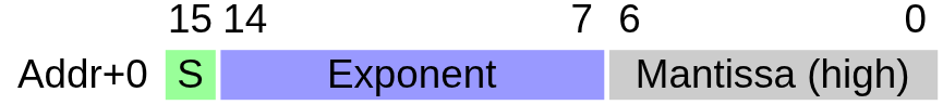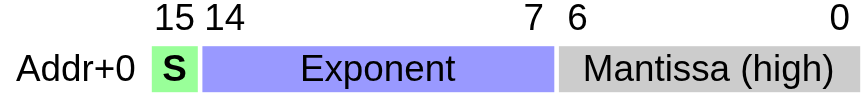 <table style="text-align:center;">
 <tr>
 <td style="width:60px;"></td>
 <td style="width:15px;">15</td>
 <td style="width:15px;">14</td>
 <td style="width:15px;"></td>
 <td style="width:15px;"></td>
 <td style="width:15px;"></td>
 <td style="width:15px;"></td>
 <td style="width:15px;"></td>
 <td style="width:15px;"></td>
 <td style="width:15px;">7</td>
 <td style="width:15px;">6</td>
 <td style="width:15px;"></td>
 <td style="width:15px;"></td>
 <td style="width:15px;"></td>
 <td style="width:15px;"></td>
 <td style="width:15px;"></td>
 <td style="width:15px;">0</td>
 </tr>
 <tr>
 <td colspan="1" style="background-color:#FFF;">Addr+0</td>
-<td colspan="1" style="background-color:#9F9;">S</td>
+<td colspan="1" style="background-color:#9F9;"><strong>S</strong></td>
 <td colspan="8" style="background-color:#99F;">Exponent</td>
 <td colspan="7" style="background-color:#CCC;">Mantissa (high)</td>
 </tr>
 </table>
